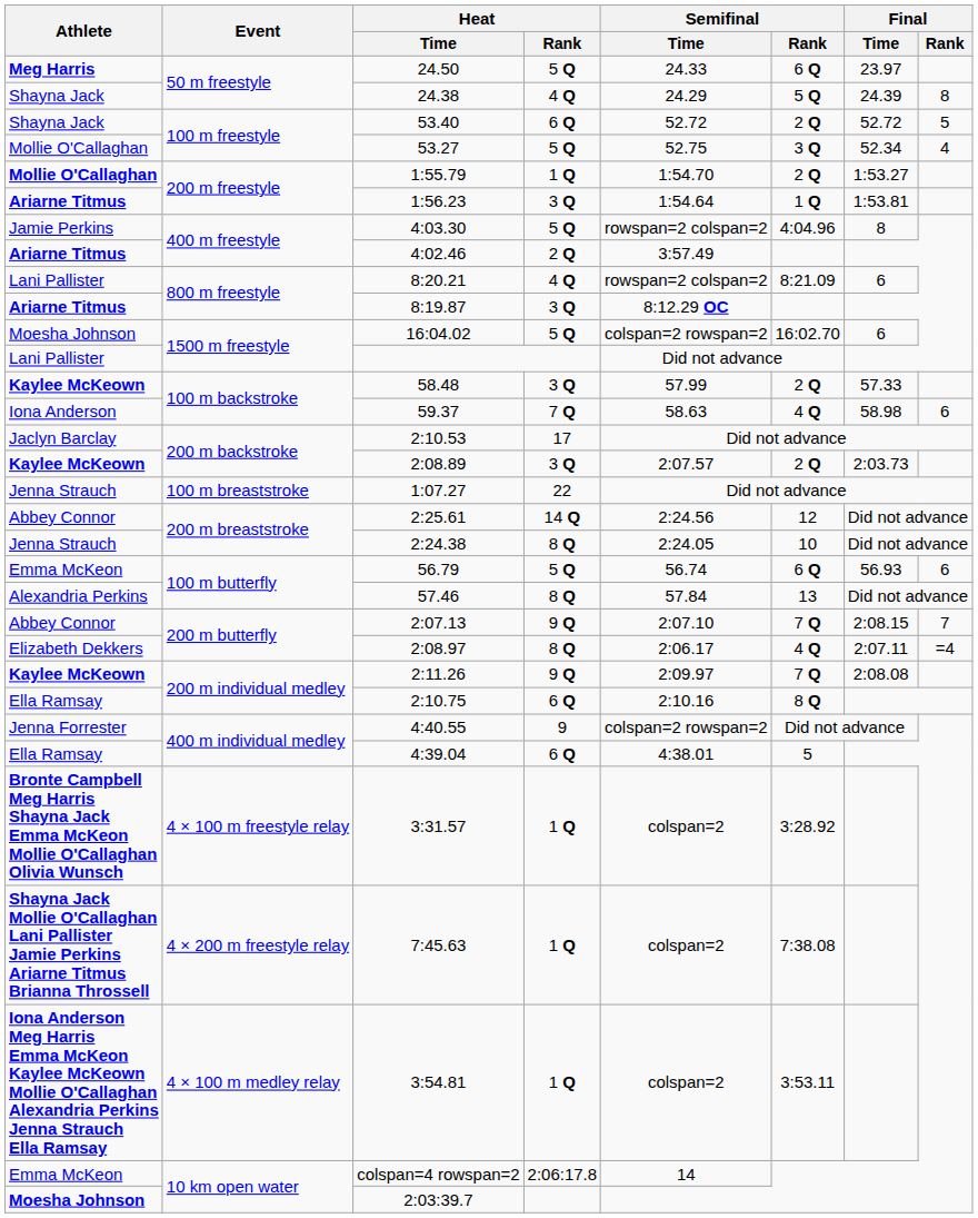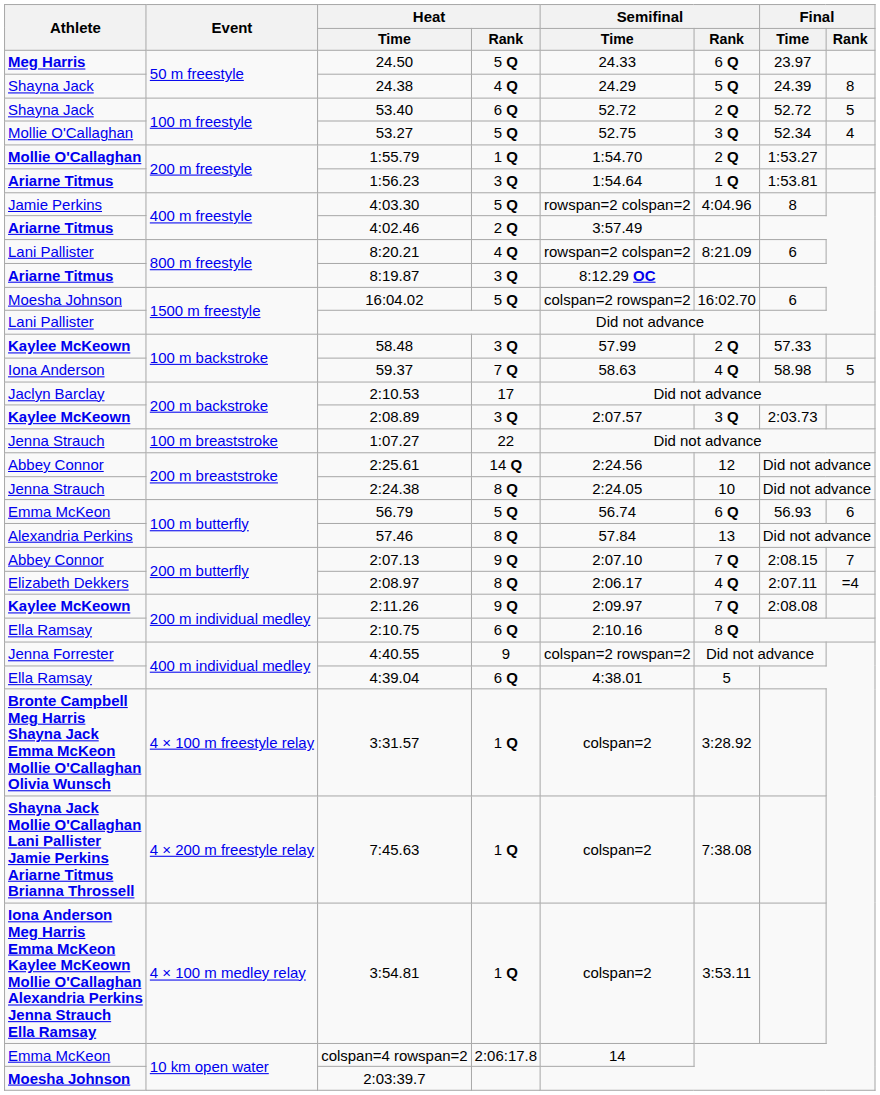 <table class=wikitable style=font-size:90%;text-align:center>
 <tr>
 <th rowspan=2>Athlete</th>
 <th rowspan=2>Event</th>
 <th colspan=2>Heat</th>
 <th colspan=2>Semifinal</th>
 <th colspan=2>Final</th>
 </tr>
 <tr style=font-size:95%>
 <th>Time</th>
 <th>Rank</th>
 <th>Time</th>
 <th>Rank</th>
 <th>Time</th>
 <th>Rank</th>
 </tr>
 <tr>
 <td align=left><strong><a href='#'>Meg Harris</a></strong></td>
 <td align=left rowspan=2><a href='#'>50 m freestyle</a></td>
 <td>24.50</td>
 <td>5 <strong>Q</strong></td>
 <td>24.33</td>
 <td>6 <strong>Q</strong></td>
 <td>23.97</td>
 <td></td>
 </tr>
 <tr>
 <td align=left><a href='#'>Shayna Jack</a></td>
 <td>24.38</td>
 <td>4 <strong>Q</strong></td>
 <td>24.29</td>
 <td>5 <strong>Q</strong></td>
 <td>24.39</td>
 <td>8</td>
 </tr>
 <tr>
 <td align=left><a href='#'>Shayna Jack</a></td>
 <td align=left rowspan=2><a href='#'>100 m freestyle</a></td>
 <td>53.40</td>
 <td>6 <strong>Q</strong></td>
 <td>52.72</td>
 <td>2 <strong>Q</strong></td>
 <td>52.72</td>
 <td>5</td>
 </tr>
 <tr>
 <td align=left><a href='#'>Mollie O'Callaghan</a></td>
 <td>53.27</td>
 <td>5 <strong>Q</strong></td>
 <td>52.75</td>
 <td>3 <strong>Q</strong></td>
 <td>52.34</td>
 <td>4</td>
 </tr>
 <tr>
 <td align=left><strong><a href='#'>Mollie O'Callaghan</a></strong></td>
 <td align=left rowspan=2><a href='#'>200 m freestyle</a></td>
 <td>1:55.79</td>
 <td>1 <strong>Q</strong></td>
 <td>1:54.70</td>
 <td>2 <strong>Q</strong></td>
 <td>1:53.27 </td>
 <td></td>
 </tr>
 <tr>
 <td align=left><strong><a href='#'>Ariarne Titmus</a></strong></td>
 <td>1:56.23</td>
 <td>3 <strong>Q</strong></td>
 <td>1:54.64</td>
 <td>1 <strong>Q</strong></td>
 <td>1:53.81</td>
 <td></td>
 </tr>
 <tr>
 <td align=left><a href='#'>Jamie Perkins</a></td>
 <td align=left rowspan=2><a href='#'>400 m freestyle</a></td>
 <td>4:03.30</td>
 <td>5 <strong>Q</strong></td>
 <td>rowspan=2 colspan=2 </td>
 <td>4:04.96</td>
 <td>8</td>
 </tr>
 <tr>
 <td align=left><strong><a href='#'>Ariarne Titmus</a></strong></td>
 <td>4:02.46</td>
 <td>2 <strong>Q</strong></td>
 <td>3:57.49</td>
 <td></td>
 </tr>
 <tr>
 <td align=left><a href='#'>Lani Pallister</a></td>
 <td align=left rowspan=2><a href='#'>800 m freestyle</a></td>
 <td>8:20.21</td>
 <td>4 <strong>Q</strong></td>
 <td>rowspan=2 colspan=2 </td>
 <td>8:21.09</td>
 <td>6</td>
 </tr>
 <tr>
 <td align=left><strong><a href='#'>Ariarne Titmus</a></strong></td>
 <td>8:19.87</td>
 <td>3 <strong>Q</strong></td>
 <td>8:12.29 <strong><a href='#'>OC</a></strong></td>
 <td></td>
 </tr>
 <tr>
 <td align=left><a href='#'>Moesha Johnson</a></td>
 <td align=left rowspan=2><a href='#'>1500 m freestyle</a></td>
 <td>16:04.02</td>
 <td>5 <strong>Q</strong></td>
 <td>colspan=2 rowspan=2 </td>
 <td>16:02.70</td>
 <td>6</td>
 </tr>
 <tr>
 <td align=left><a href='#'>Lani Pallister</a></td>
 <td colspan=2></td>
 <td colspan=2>Did not advance</td>
 </tr>
 <tr>
 <td align=left><strong><a href='#'>Kaylee McKeown</a></strong></td>
 <td align=left rowspan=2><a href='#'>100 m backstroke</a></td>
 <td>58.48</td>
 <td>3 <strong>Q</strong></td>
 <td>57.99</td>
 <td>2 <strong>Q</strong></td>
 <td>57.33 </td>
 <td></td>
 </tr>
 <tr>
 <td align=left><a href='#'>Iona Anderson</a></td>
 <td>59.37</td>
 <td>7 <strong>Q</strong></td>
 <td>58.63</td>
 <td>4 <strong>Q</strong></td>
 <td>58.98</td>
-<td>6</td>
+<td>5</td>
 </tr>
 <tr>
 <td align=left><a href='#'>Jaclyn Barclay</a></td>
 <td align=left rowspan=2><a href='#'>200 m backstroke</a></td>
 <td>2:10.53</td>
 <td>17</td>
 <td colspan=4>Did not advance</td>
 </tr>
 <tr>
 <td align=left><strong><a href='#'>Kaylee McKeown</a></strong></td>
 <td>2:08.89</td>
 <td>3 <strong>Q</strong></td>
 <td>2:07.57</td>
-<td>2 <strong>Q</strong></td>
+<td>3 <strong>Q</strong></td>
 <td>2:03.73 </td>
 <td></td>
 </tr>
 <tr>
 <td align=left><a href='#'>Jenna Strauch</a></td>
 <td align=left><a href='#'>100 m breaststroke</a></td>
 <td>1:07.27</td>
 <td>22</td>
 <td colspan=4>Did not advance</td>
 </tr>
 <tr>
 <td align=left><a href='#'>Abbey Connor</a></td>
 <td rowspan=2 align=left><a href='#'>200 m breaststroke</a></td>
 <td>2:25.61</td>
 <td>14 <strong>Q</strong></td>
 <td>2:24.56</td>
 <td>12</td>
 <td colspan=2>Did not advance</td>
 </tr>
 <tr>
 <td align=left><a href='#'>Jenna Strauch</a></td>
 <td>2:24.38</td>
 <td>8 <strong>Q</strong></td>
 <td>2:24.05</td>
 <td>10</td>
 <td colspan=2>Did not advance</td>
 </tr>
 <tr>
 <td align=left><a href='#'>Emma McKeon</a></td>
 <td align=left rowspan=2><a href='#'>100 m butterfly</a></td>
 <td>56.79</td>
 <td>5 <strong>Q</strong></td>
 <td>56.74</td>
 <td>6 <strong>Q</strong></td>
 <td>56.93</td>
 <td>6</td>
 </tr>
 <tr>
 <td align=left><a href='#'>Alexandria Perkins</a></td>
 <td>57.46</td>
 <td>8 <strong>Q</strong></td>
 <td>57.84</td>
 <td>13</td>
 <td colspan=2>Did not advance</td>
 </tr>
 <tr>
 <td align=left><a href='#'>Abbey Connor</a></td>
 <td align=left rowspan=2><a href='#'>200 m butterfly</a></td>
 <td>2:07.13</td>
 <td>9 <strong>Q</strong></td>
 <td>2:07.10</td>
 <td>7 <strong>Q</strong></td>
 <td>2:08.15</td>
 <td>7</td>
 </tr>
 <tr>
 <td align=left><a href='#'>Elizabeth Dekkers</a></td>
 <td>2:08.97</td>
 <td>8 <strong>Q</strong></td>
 <td>2:06.17</td>
 <td>4 <strong>Q</strong></td>
 <td>2:07.11</td>
 <td>=4</td>
 </tr>
 <tr>
 <td align=left><strong><a href='#'>Kaylee McKeown</a></strong></td>
 <td align=left rowspan=2><a href='#'>200 m individual medley</a></td>
 <td>2:11.26</td>
 <td>9 <strong>Q</strong></td>
 <td>2:09.97</td>
 <td>7 <strong>Q</strong></td>
 <td>2:08.08</td>
 <td></td>
 </tr>
 <tr>
 <td align=left><a href='#'>Ella Ramsay</a></td>
 <td>2:10.75</td>
 <td>6 <strong>Q</strong></td>
 <td>2:10.16</td>
 <td>8 <strong>Q</strong></td>
 <td colspan=2></td>
 </tr>
 <tr>
 <td align=left><a href='#'>Jenna Forrester</a></td>
 <td rowspan=2 align=left><a href='#'>400 m individual medley</a></td>
 <td>4:40.55</td>
 <td>9</td>
 <td>colspan=2 rowspan=2 </td>
 <td colspan=2>Did not advance</td>
 </tr>
 <tr>
 <td align=left><a href='#'>Ella Ramsay</a></td>
 <td>4:39.04</td>
 <td>6 <strong>Q</strong></td>
 <td>4:38.01</td>
 <td>5</td>
 </tr>
 <tr>
 <td align=left><strong><a href='#'>Bronte Campbell</a></strong><br><strong><a href='#'>Meg Harris</a><br><a href='#'>Shayna Jack</a><br><a href='#'>Emma McKeon</a><br><a href='#'>Mollie O'Callaghan</a><br><a href='#'>Olivia Wunsch</a></strong></td>
 <td align=left><a href='#'>4 × 100 m freestyle relay</a></td>
 <td>3:31.57</td>
 <td>1 <strong>Q</strong></td>
 <td>colspan=2 </td>
 <td>3:28.92 </td>
 <td></td>
 </tr>
 <tr>
 <td align=left><strong><a href='#'>Shayna Jack</a></strong><strong><br><a href='#'>Mollie O'Callaghan</a><br><a href='#'>Lani Pallister</a><br><a href='#'>Jamie Perkins</a></strong><strong><br><a href='#'>Ariarne Titmus</a><br><a href='#'>Brianna Throssell</a></strong></td>
 <td align=left><a href='#'>4 × 200 m freestyle relay</a></td>
 <td>7:45.63</td>
 <td>1 <strong>Q</strong></td>
 <td>colspan=2 </td>
 <td>7:38.08 </td>
 <td></td>
 </tr>
 <tr>
 <td align=left><strong><a href='#'>Iona Anderson</a></strong><br><strong><a href='#'>Meg Harris</a></strong><strong><br><a href='#'>Emma McKeon</a><br><a href='#'>Kaylee McKeown</a><br><a href='#'>Mollie O'Callaghan</a><br><a href='#'>Alexandria Perkins</a></strong><strong><br><a href='#'>Jenna Strauch</a><br><a href='#'>Ella Ramsay</a></strong></td>
 <td align=left><a href='#'>4 × 100 m medley relay</a></td>
 <td>3:54.81</td>
 <td>1 <strong>Q</strong></td>
 <td>colspan=2 </td>
 <td>3:53.11</td>
 <td></td>
 </tr>
 <tr>
 <td align=left><a href='#'>Emma McKeon</a></td>
 <td align=left rowspan=2><a href='#'>10 km open water</a></td>
 <td>colspan=4 rowspan=2 </td>
 <td>2:06:17.8</td>
 <td>14</td>
 </tr>
 <tr>
 <td align=left><strong><a href='#'>Moesha Johnson</a></strong></td>
 <td>2:03:39.7</td>
 <td></td>
 </tr>
 </table>
